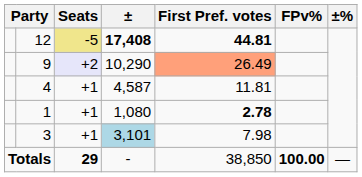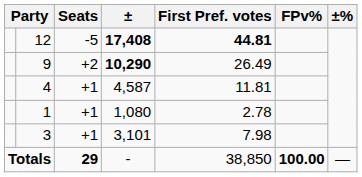 <table class=wikitable>
 <tr>
 <th colspan=2 align=center>Party</th>
 <th valign=top>Seats</th>
 <th valign=top>±</th>
 <th valign=top>First Pref. votes</th>
 <th valign=top>FPv%</th>
 <th valign=top>±%</th>
 </tr>
 <tr>
 <td></td>
 <td align=right>12</td>
-<td align=right style="background: khaki;">-5</td>
+<td align=right>-5</td>
 <td align=right><strong>17,408</strong></td>
 <td align=right><strong>44.81</strong></td>
 <td align=right></td>
 </tr>
 <tr>
 <td></td>
 <td align=right>9</td>
-<td align=right style="background: lavender;">+2</td>
-<td align=right>10,290</td>
-<td align=right style="background: lightsalmon;">26.49</td>
+<td align=right>+2</td>
+<td align=right><strong>10,290</strong></td>
+<td align=right>26.49</td>
 <td align=right></td>
 </tr>
 <tr>
 <td></td>
 <td align=right>4</td>
 <td align=right>+1</td>
 <td align=right>4,587</td>
 <td align=right>11.81</td>
 <td align=right></td>
 </tr>
 <tr>
 <td></td>
 <td align=right>1</td>
 <td align=right>+1</td>
 <td align=right>1,080</td>
-<td align=right><strong>2.78</strong></td>
+<td align=right>2.78</td>
 <td align=right></td>
 </tr>
 <tr>
 <td></td>
 <td align=right>3</td>
 <td align=right>+1</td>
-<td align=right style="background: lightblue;">3,101</td>
+<td align=right>3,101</td>
 <td align=right>7.98</td>
 <td align=right></td>
 </tr>
 <tr>
 <td colspan=2 align=center><strong>Totals</strong></td>
 <td align=right><strong>29</strong></td>
 <td align=center>-</td>
 <td align=right>38,850</td>
 <td align=center><strong>100.00</strong></td>
 <td align=center>—</td>
 </tr>
 </table>
